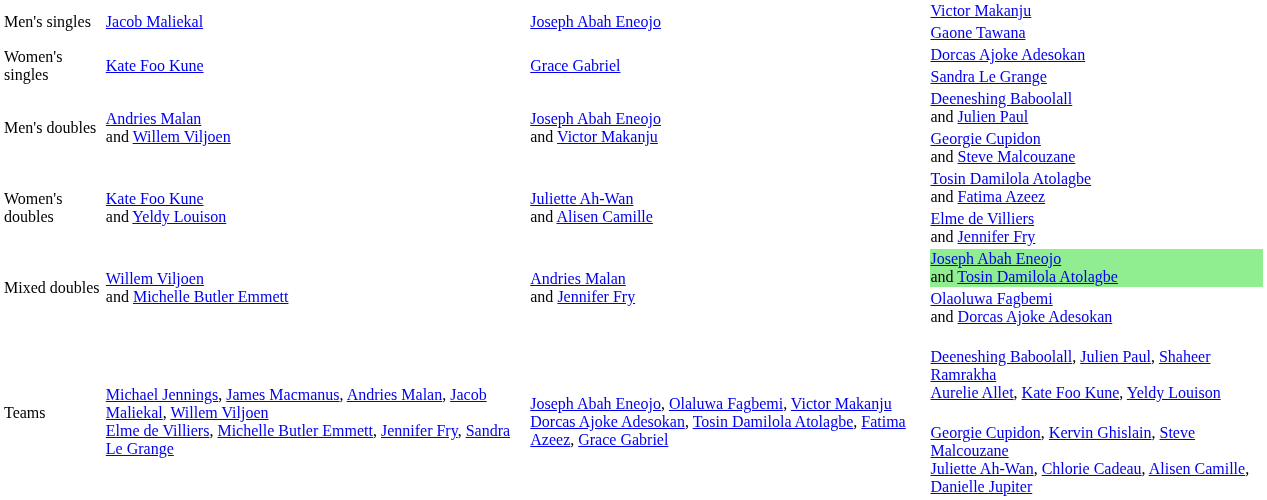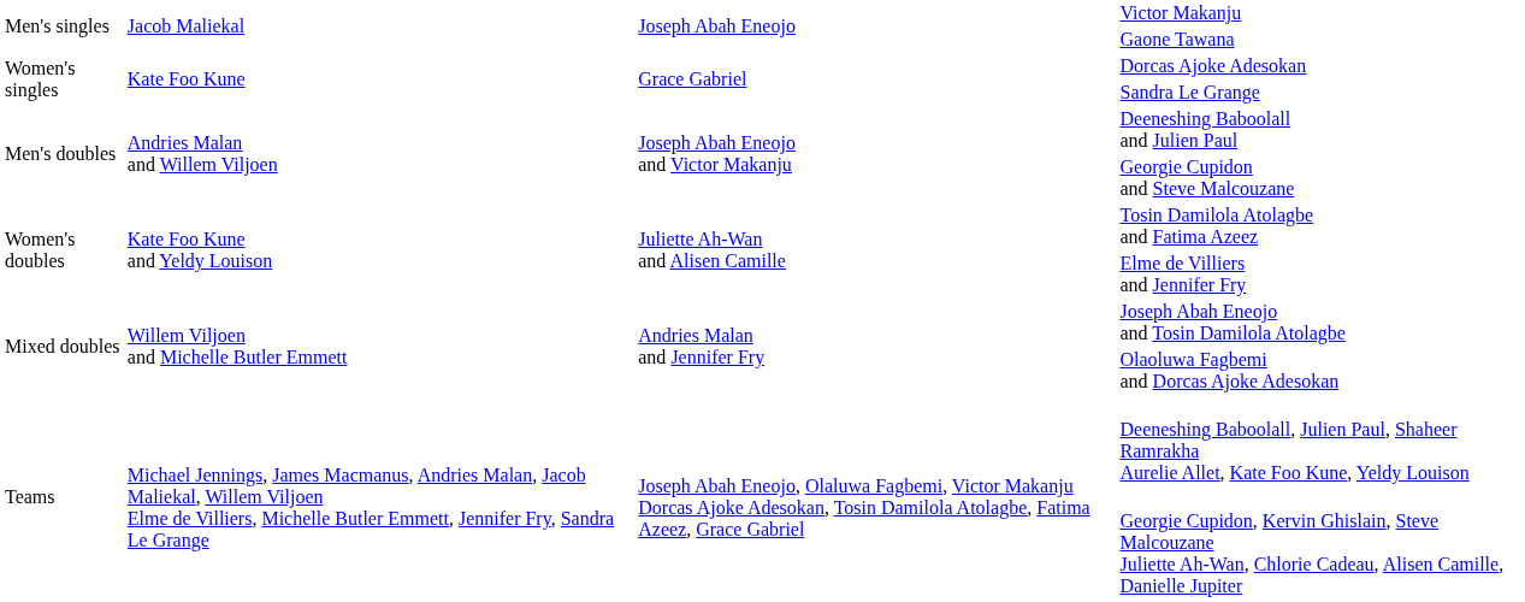 <table>
 <tr>
 <td rowspan=2>Men's singles</td>
 <td rowspan=2> <a href='#'>Jacob Maliekal</a></td>
 <td rowspan=2> <a href='#'>Joseph Abah Eneojo</a></td>
 <td> <a href='#'>Victor Makanju</a></td>
 </tr>
 <tr>
 <td> <a href='#'>Gaone Tawana</a></td>
 </tr>
 <tr>
 <td rowspan=2>Women's singles</td>
 <td rowspan=2> <a href='#'>Kate Foo Kune</a></td>
 <td rowspan=2> <a href='#'>Grace Gabriel</a></td>
 <td> <a href='#'>Dorcas Ajoke Adesokan</a></td>
 </tr>
 <tr>
 <td> <a href='#'>Sandra Le Grange</a></td>
 </tr>
 <tr>
 <td rowspan=2>Men's doubles</td>
 <td rowspan=2> <a href='#'>Andries Malan</a><br>and <a href='#'>Willem Viljoen</a></td>
 <td rowspan=2> <a href='#'>Joseph Abah Eneojo</a><br>and <a href='#'>Victor Makanju</a></td>
 <td> <a href='#'>Deeneshing Baboolall</a><br>and <a href='#'>Julien Paul</a></td>
 </tr>
 <tr>
 <td> <a href='#'>Georgie Cupidon</a><br>and <a href='#'>Steve Malcouzane</a></td>
 </tr>
 <tr>
 <td rowspan=2>Women's doubles</td>
 <td rowspan=2> <a href='#'>Kate Foo Kune</a><br>and <a href='#'>Yeldy Louison</a></td>
 <td rowspan=2> <a href='#'>Juliette Ah-Wan</a><br>and <a href='#'>Alisen Camille</a></td>
 <td> <a href='#'>Tosin Damilola Atolagbe</a><br>and <a href='#'>Fatima Azeez</a></td>
 </tr>
 <tr>
 <td> <a href='#'>Elme de Villiers</a><br>and <a href='#'>Jennifer Fry</a></td>
 </tr>
 <tr>
 <td rowspan=2>Mixed doubles</td>
 <td rowspan=2> <a href='#'>Willem Viljoen</a><br>and <a href='#'>Michelle Butler Emmett</a></td>
 <td rowspan=2> <a href='#'>Andries Malan</a><br>and <a href='#'>Jennifer Fry</a></td>
-<td style="background: lightgreen;"> <a href='#'>Joseph Abah Eneojo</a><br>and <a href='#'>Tosin Damilola Atolagbe</a></td>
+<td> <a href='#'>Joseph Abah Eneojo</a><br>and <a href='#'>Tosin Damilola Atolagbe</a></td>
 </tr>
 <tr>
 <td> <a href='#'>Olaoluwa Fagbemi</a><br>and <a href='#'>Dorcas Ajoke Adesokan</a></td>
 </tr>
 <tr>
 <td rowspan=2>Teams</td>
 <td rowspan=2><br><a href='#'>Michael Jennings</a>, <a href='#'>James Macmanus</a>, <a href='#'>Andries Malan</a>, <a href='#'>Jacob Maliekal</a>, <a href='#'>Willem Viljoen</a><br> <a href='#'>Elme de Villiers</a>, <a href='#'>Michelle Butler Emmett</a>, <a href='#'>Jennifer Fry</a>, <a href='#'>Sandra Le Grange</a></td>
 <td rowspan=2><br> <a href='#'>Joseph Abah Eneojo</a>, <a href='#'>Olaluwa Fagbemi</a>, <a href='#'>Victor Makanju</a><br><a href='#'>Dorcas Ajoke Adesokan</a>, <a href='#'>Tosin Damilola Atolagbe</a>, <a href='#'>Fatima Azeez</a>, <a href='#'>Grace Gabriel</a></td>
 <td><br><a href='#'>Deeneshing Baboolall</a>, <a href='#'>Julien Paul</a>, <a href='#'>Shaheer Ramrakha</a><br><a href='#'>Aurelie Allet</a>, <a href='#'>Kate Foo Kune</a>, <a href='#'>Yeldy Louison</a></td>
 </tr>
 <tr>
 <td><br><a href='#'>Georgie Cupidon</a>, <a href='#'>Kervin Ghislain</a>, <a href='#'>Steve Malcouzane</a><br><a href='#'>Juliette Ah-Wan</a>, <a href='#'>Chlorie Cadeau</a>, <a href='#'>Alisen Camille</a>, <a href='#'>Danielle Jupiter</a></td>
 </tr>
 </table>
